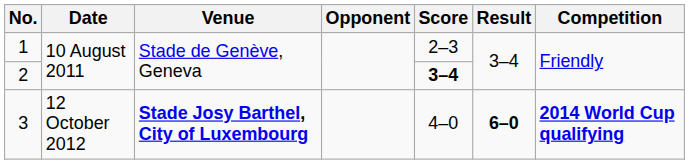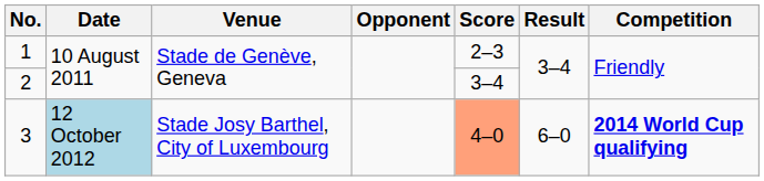 <table class="wikitable sortable">
 <tr>
 <th scope="col">No.</th>
 <th scope="col">Date</th>
 <th scope="col">Venue</th>
 <th scope="col">Opponent</th>
 <th scope="col">Score</th>
 <th scope="col">Result</th>
 <th scope="col">Competition</th>
 </tr>
 <tr>
 <td align="center">1</td>
 <td rowspan="2">10 August 2011</td>
 <td rowspan="2"><a href='#'>Stade de Genève</a>, Geneva</td>
 <td rowspan="2"></td>
 <td align="center">2–3</td>
 <td rowspan="2" align="center">3–4</td>
 <td rowspan="2"><a href='#'>Friendly</a></td>
 </tr>
 <tr>
 <td align="center">2</td>
-<td align="center"><strong>3–4</strong></td>
+<td align="center">3–4</td>
 </tr>
 <tr>
 <td align="center">3</td>
-<td>12 October 2012</td>
-<td><strong><a href='#'>Stade Josy Barthel</a>, <a href='#'>City of Luxembourg</a></strong></td>
+<td style="background: lightblue;">12 October 2012</td>
+<td><a href='#'>Stade Josy Barthel</a>, <a href='#'>City of Luxembourg</a></td>
 <td></td>
-<td align="center">4–0</td>
-<td align="center"><strong>6–0</strong></td>
+<td align="center" style="background: lightsalmon;">4–0</td>
+<td align="center">6–0</td>
 <td><strong><a href='#'>2014 World Cup qualifying</a></strong></td>
 </tr>
 </table>
